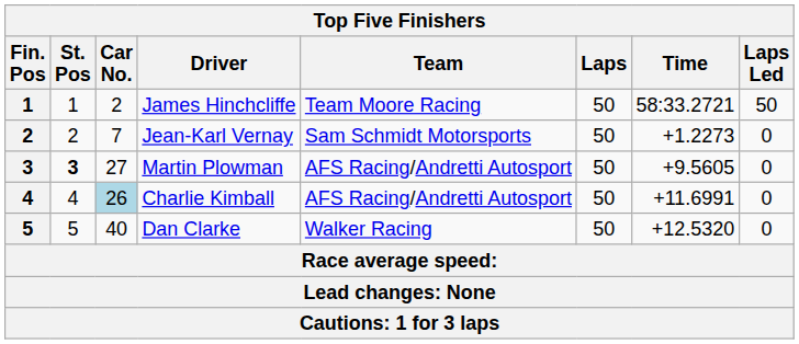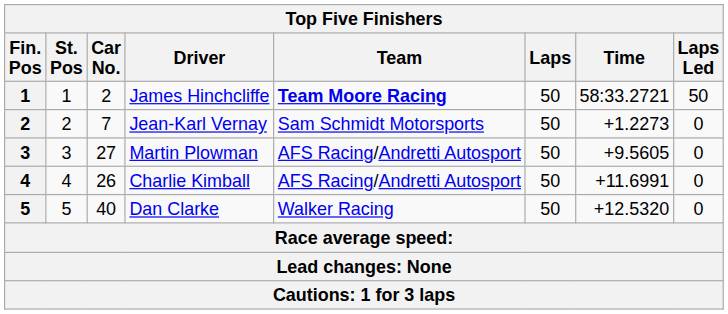 <table class="wikitable" style="font-size:95%;">
 <tr>
 <th colspan=9>Top Five Finishers</th>
 </tr>
 <tr>
 <th>Fin.<br>Pos</th>
 <th>St.<br>Pos</th>
 <th>Car<br>No.</th>
 <th>Driver</th>
 <th>Team</th>
 <th>Laps</th>
 <th>Time</th>
 <th>Laps<br>Led</th>
 </tr>
 <tr>
 <th>1</th>
 <td align=center>1</td>
 <td align=center>2</td>
 <td> <a href='#'>James Hinchcliffe</a></td>
-<td><a href='#'>Team Moore Racing</a></td>
+<td><strong><a href='#'>Team Moore Racing</a></strong></td>
 <td align=center>50</td>
 <td align=right>58:33.2721</td>
 <td align=center>50</td>
 </tr>
 <tr>
 <th>2</th>
 <td align=center>2</td>
 <td align=center>7</td>
 <td> <a href='#'>Jean-Karl Vernay</a></td>
 <td><a href='#'>Sam Schmidt Motorsports</a></td>
 <td align=center>50</td>
 <td align=right>+1.2273</td>
 <td align=center>0</td>
 </tr>
 <tr>
 <th>3</th>
-<td align=center><strong>3</strong></td>
+<td align=center>3</td>
 <td align=center>27</td>
 <td> <a href='#'>Martin Plowman</a></td>
 <td><a href='#'>AFS Racing</a>/<a href='#'>Andretti Autosport</a></td>
 <td align=center>50</td>
 <td align=right>+9.5605</td>
 <td align=center>0</td>
 </tr>
 <tr>
 <th>4</th>
 <td align=center>4</td>
-<td align=center style="background: lightblue;">26</td>
+<td align=center>26</td>
 <td> <a href='#'>Charlie Kimball</a></td>
 <td><a href='#'>AFS Racing</a>/<a href='#'>Andretti Autosport</a></td>
 <td align=center>50</td>
 <td align=right>+11.6991</td>
 <td align=center>0</td>
 </tr>
 <tr>
 <th>5</th>
 <td align=center>5</td>
 <td align=center>40</td>
 <td> <a href='#'>Dan Clarke</a></td>
 <td><a href='#'>Walker Racing</a></td>
 <td align=center>50</td>
 <td align=right>+12.5320</td>
 <td align=center>0</td>
 </tr>
 <tr>
 <th colspan=9>Race average speed: </th>
 </tr>
 <tr>
 <th colspan=9>Lead changes: None</th>
 </tr>
 <tr>
 <th colspan=9>Cautions: 1 for 3 laps</th>
 </tr>
 </table>
